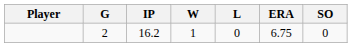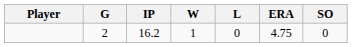 <table class="wikitable sortable">
 <tr>
 <th bgcolor="#DDDDFF" width="16%">Player</th>
 <th bgcolor="#DDDDFF" width="9%">G</th>
 <th bgcolor="#DDDDFF" width="9%">IP</th>
 <th bgcolor="#DDDDFF" width="9%">W</th>
 <th bgcolor="#DDDDFF" width="9%">L</th>
 <th bgcolor="#DDDDFF" width="9%">ERA</th>
 <th bgcolor="#DDDDFF" width="9%">SO</th>
 </tr>
 <tr align="center">
 <td></td>
 <td>2</td>
 <td>16.2</td>
 <td>1</td>
 <td>0</td>
-<td>6.75</td>
+<td>4.75</td>
 <td>0</td>
 </tr>
 </table>
